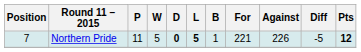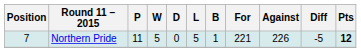 <table class="wikitable" style="text-align:center; font-size:85%;">
 <tr>
 <th width=40 abbr="Position">Position</th>
 <th width=100>Round 11 – 2015</th>
 <th width=20 abbr="Played">P</th>
 <th width=20 abbr="Won">W</th>
 <th width=20 abbr="Drawn">D</th>
 <th width=20 abbr="Lost">L</th>
 <th width=20 abbr="Bye">B</th>
 <th width=40 abbr="Points for">For</th>
 <th width=40 abbr="Points against">Against</th>
 <th width=40 abbr="Points difference">Diff</th>
 <th width=20 abbr="Points">Pts</th>
 </tr>
 <tr style="background: #d7ebed;">
 <td>7</td>
 <td style="text-align:left;"> <a href='#'>Northern Pride</a></td>
 <td>11</td>
 <td>5</td>
-<td><strong>0</strong></td>
-<td><strong>5</strong></td>
+<td>0</td>
+<td>5</td>
 <td>1</td>
 <td>221</td>
 <td>226</td>
 <td>-5</td>
 <td><strong>12</strong></td>
 </tr>
 <tr>
 </tr>
 </table>
